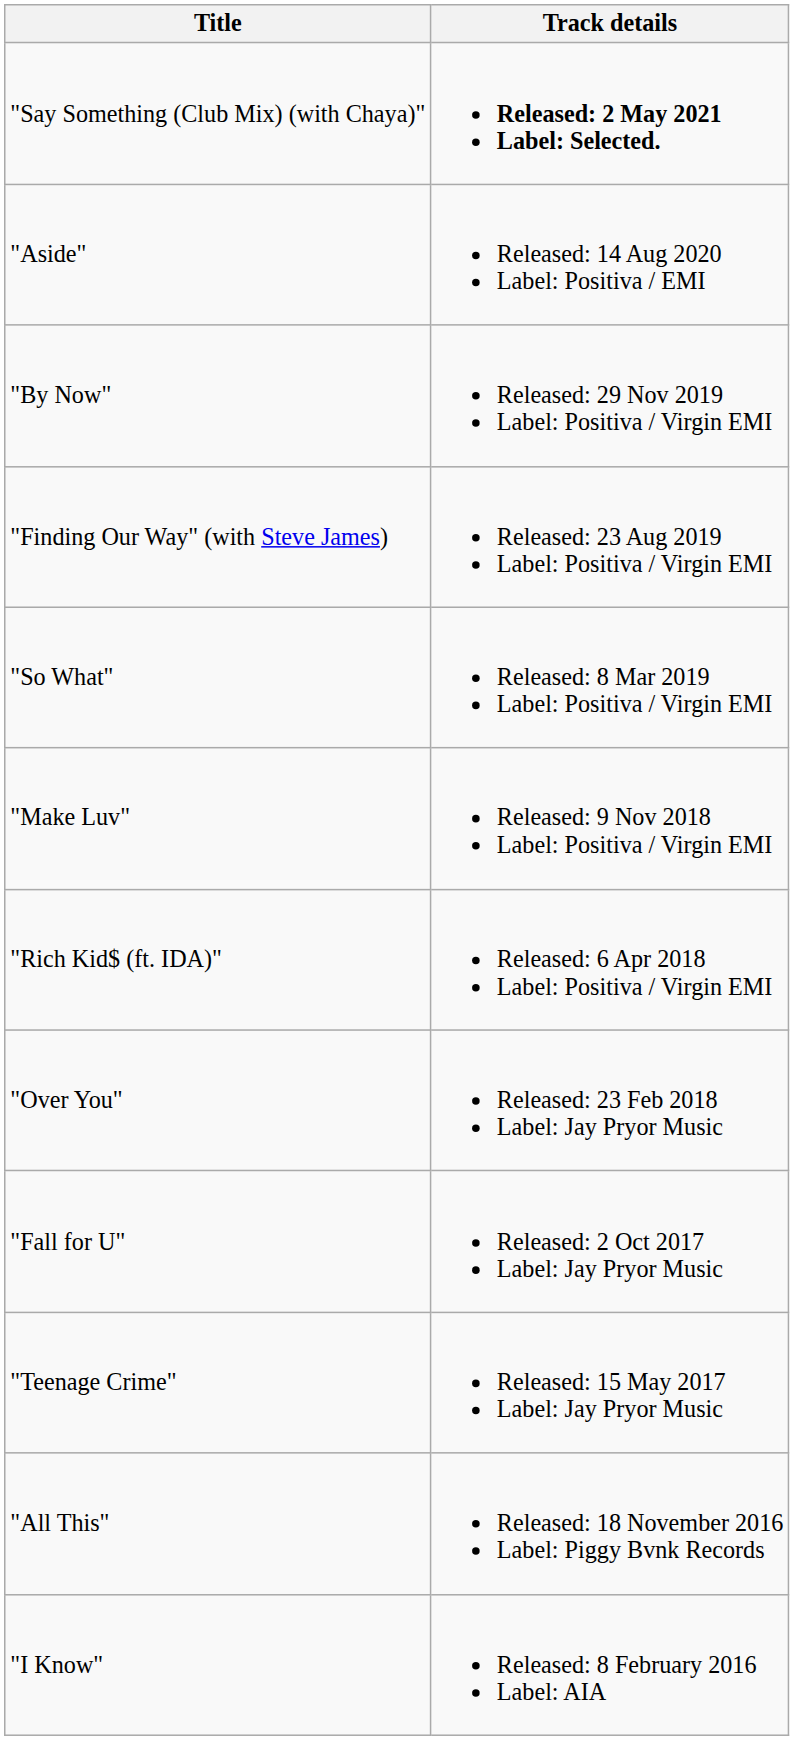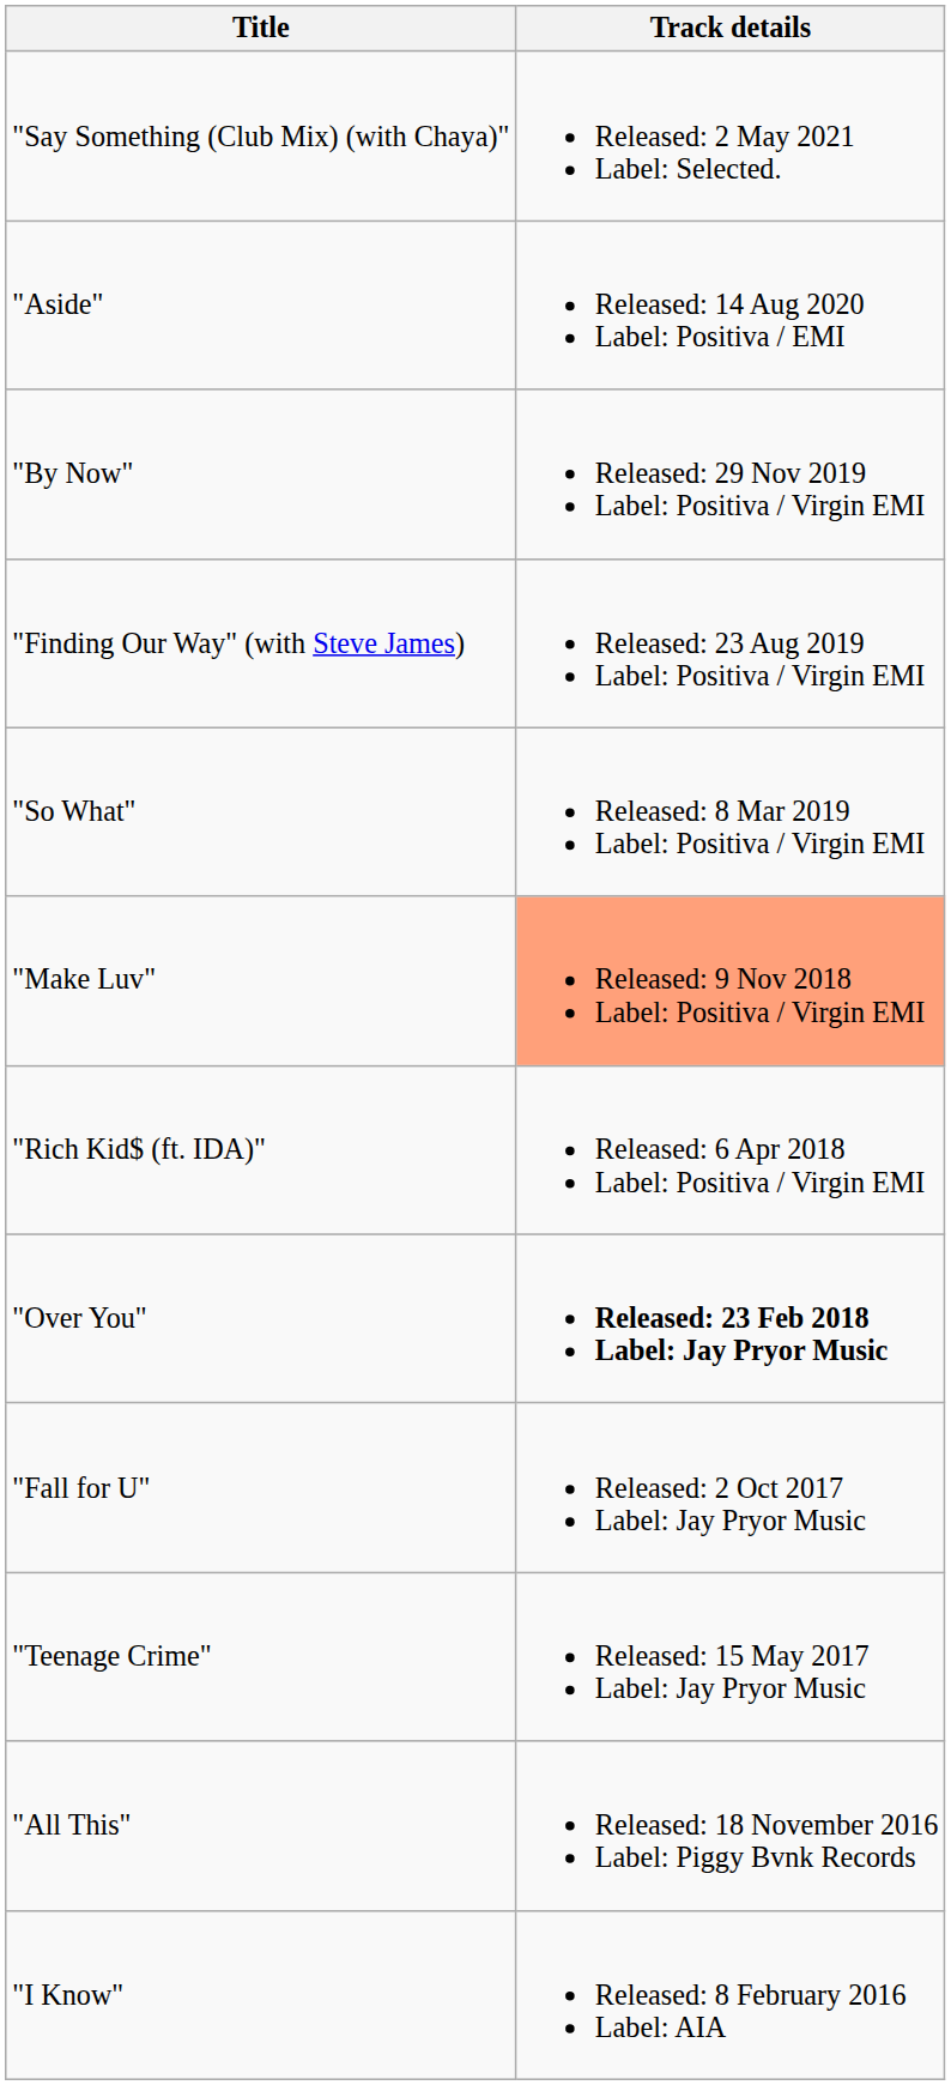 <table class="wikitable">
 <tr>
 <th>Title</th>
 <th>Track details</th>
 </tr>
 <tr>
 <td>"Say Something (Club Mix) (with Chaya)"</td>
-<td><strong><br><ul><li>Released: 2 May 2021</li><li>Label: Selected.</li></ul></strong></td>
+<td><br><ul><li>Released: 2 May 2021</li><li>Label: Selected.</li></ul></td>
 </tr>
 <tr>
 <td>"Aside"</td>
 <td><br><ul><li>Released: 14 Aug 2020</li><li>Label: Positiva / EMI</li></ul></td>
 </tr>
 <tr>
 <td>"By Now"</td>
 <td><br><ul><li>Released: 29 Nov 2019</li><li>Label: Positiva / Virgin EMI</li></ul></td>
 </tr>
 <tr>
 <td>"Finding Our Way" (with <a href='#'>Steve James</a>)</td>
 <td><br><ul><li>Released: 23 Aug 2019</li><li>Label: Positiva / Virgin EMI</li></ul></td>
 </tr>
 <tr>
 <td>"So What"</td>
 <td><br><ul><li>Released: 8 Mar 2019</li><li>Label: Positiva / Virgin EMI</li></ul></td>
 </tr>
 <tr>
 <td>"Make Luv"</td>
-<td><br><ul><li>Released: 9 Nov 2018</li><li>Label: Positiva / Virgin EMI</li></ul></td>
+<td style="background: lightsalmon;"><br><ul><li>Released: 9 Nov 2018</li><li>Label: Positiva / Virgin EMI</li></ul></td>
 </tr>
 <tr>
 <td>"Rich Kid$ (ft. IDA)"</td>
 <td><br><ul><li>Released: 6 Apr 2018</li><li>Label: Positiva / Virgin EMI</li></ul></td>
 </tr>
 <tr>
 <td>"Over You"</td>
-<td><br><ul><li>Released: 23 Feb 2018</li><li>Label: Jay Pryor Music</li></ul></td>
+<td><strong><br><ul><li>Released: 23 Feb 2018</li><li>Label: Jay Pryor Music</li></ul></strong></td>
 </tr>
 <tr>
 <td>"Fall for U"</td>
 <td><br><ul><li>Released: 2 Oct 2017</li><li>Label: Jay Pryor Music</li></ul></td>
 </tr>
 <tr>
 <td>"Teenage Crime"</td>
 <td><br><ul><li>Released: 15 May 2017</li><li>Label: Jay Pryor Music</li></ul></td>
 </tr>
 <tr>
 <td>"All This"</td>
 <td><br><ul><li>Released: 18 November 2016</li><li>Label: Piggy Bvnk Records</li></ul></td>
 </tr>
 <tr>
 <td>"I Know"</td>
 <td><br><ul><li>Released: 8 February 2016</li><li>Label: AIA</li></ul></td>
 </tr>
 </table>
